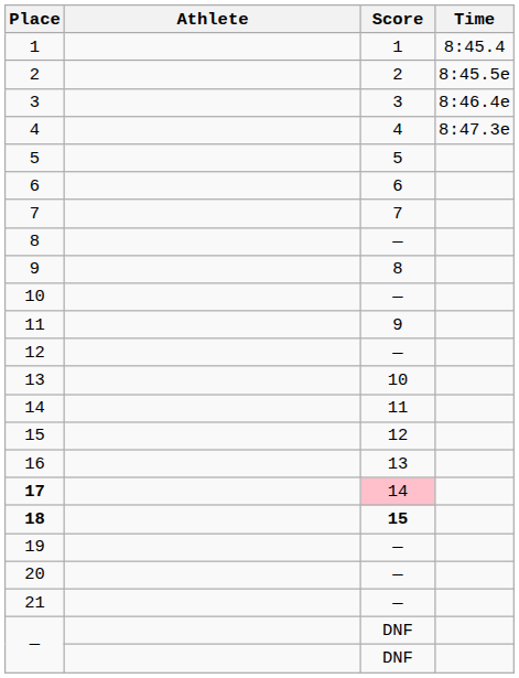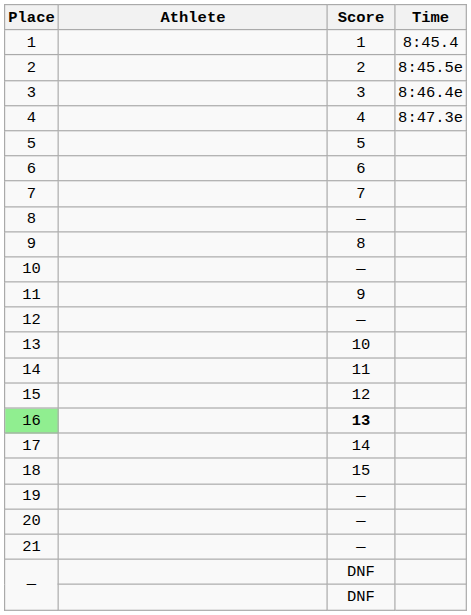 <table class=wikitable style="text-align:center">
 <tr>
 <th width=20>Place</th>
 <th width=220>Athlete</th>
 <th width=50>Score</th>
 <th>Time</th>
 </tr>
 <tr>
 <td>1</td>
 <td align=left></td>
 <td>1</td>
 <td>8:45.4</td>
 </tr>
 <tr>
 <td>2</td>
 <td align=left></td>
 <td>2</td>
 <td>8:45.5e</td>
 </tr>
 <tr>
 <td>3</td>
 <td align=left></td>
 <td>3</td>
 <td>8:46.4e</td>
 </tr>
 <tr>
 <td>4</td>
 <td align=left></td>
 <td>4</td>
 <td>8:47.3e</td>
 </tr>
 <tr>
 <td>5</td>
 <td align=left></td>
 <td>5</td>
 <td></td>
 </tr>
 <tr>
 <td>6</td>
 <td align=left></td>
 <td>6</td>
 <td></td>
 </tr>
 <tr>
 <td>7</td>
 <td align=left></td>
 <td>7</td>
 <td></td>
 </tr>
 <tr>
 <td>8</td>
 <td align=left><em></em></td>
 <td>—</td>
 <td></td>
 </tr>
 <tr>
 <td>9</td>
 <td align=left></td>
 <td>8</td>
 <td></td>
 </tr>
 <tr>
 <td>10</td>
 <td align=left><em></em></td>
 <td>—</td>
 <td></td>
 </tr>
 <tr>
 <td>11</td>
 <td align=left></td>
 <td>9</td>
 <td></td>
 </tr>
 <tr>
 <td>12</td>
 <td align=left><em></em></td>
 <td>—</td>
 <td></td>
 </tr>
 <tr>
 <td>13</td>
 <td align=left></td>
 <td>10</td>
 <td></td>
 </tr>
 <tr>
 <td>14</td>
 <td align=left></td>
 <td>11</td>
 <td></td>
 </tr>
 <tr>
 <td>15</td>
 <td align=left></td>
 <td>12</td>
 <td></td>
 </tr>
 <tr>
-<td>16</td>
+<td style="background: lightgreen;">16</td>
 <td align=left></td>
-<td>13</td>
+<td><strong>13</strong></td>
 <td></td>
 </tr>
 <tr>
-<td><strong>17</strong></td>
+<td>17</td>
 <td align=left></td>
-<td style="background: pink;">14</td>
+<td>14</td>
 <td></td>
 </tr>
 <tr>
-<td><strong>18</strong></td>
+<td>18</td>
 <td align=left></td>
-<td><strong>15</strong></td>
+<td>15</td>
 <td></td>
 </tr>
 <tr>
 <td>19</td>
 <td align=left><em></em></td>
 <td>—</td>
 <td></td>
 </tr>
 <tr>
 <td>20</td>
 <td align=left><em></em></td>
 <td>—</td>
 <td></td>
 </tr>
 <tr>
 <td>21</td>
 <td align=left><em></em></td>
 <td>—</td>
 <td></td>
 </tr>
 <tr>
 <td rowspan=2>—</td>
 <td align=left><em></em></td>
 <td>DNF</td>
 <td></td>
 </tr>
 <tr>
 <td align=left><em></em></td>
 <td>DNF</td>
 <td></td>
 </tr>
 </table>
